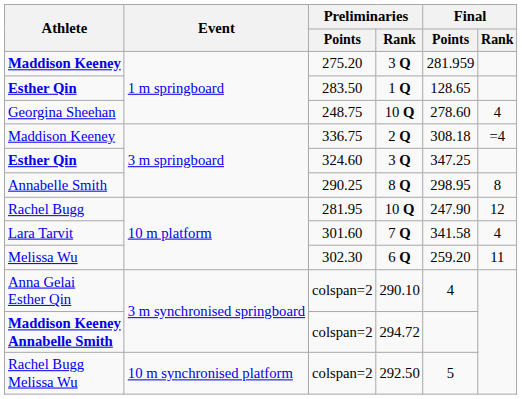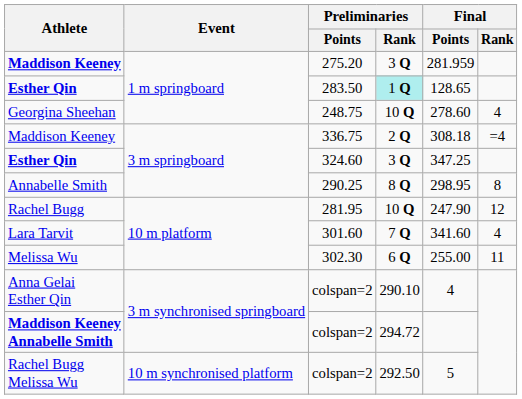 <table class="wikitable" style="font-size:90%;">
 <tr>
 <th rowspan=2>Athlete</th>
 <th rowspan=2>Event</th>
 <th colspan=2>Preliminaries</th>
 <th colspan=2>Final</th>
 </tr>
 <tr style="font-size:95%">
 <th>Points</th>
 <th>Rank</th>
 <th>Points</th>
 <th>Rank</th>
 </tr>
 <tr align=center>
 <td align=left><strong><a href='#'>Maddison Keeney</a></strong></td>
 <td align=left rowspan=3><a href='#'>1 m springboard</a></td>
 <td>275.20</td>
 <td>3 <strong>Q</strong></td>
 <td>281.959</td>
 <td></td>
 </tr>
 <tr align=center>
 <td align=left><strong><a href='#'>Esther Qin</a></strong></td>
 <td>283.50</td>
-<td>1 <strong>Q</strong></td>
+<td style="background: paleturquoise;">1 <strong>Q</strong></td>
 <td>128.65</td>
 <td></td>
 </tr>
 <tr align=center>
 <td align=left><a href='#'>Georgina Sheehan</a></td>
 <td>248.75</td>
 <td>10 <strong>Q</strong></td>
 <td>278.60</td>
 <td>4</td>
 </tr>
 <tr align=center>
 <td align=left><a href='#'>Maddison Keeney</a></td>
 <td align=left rowspan=3><a href='#'>3 m springboard</a></td>
 <td>336.75</td>
 <td>2 <strong>Q</strong></td>
 <td>308.18</td>
 <td>=4</td>
 </tr>
 <tr align=center>
 <td align=left><strong><a href='#'>Esther Qin</a></strong></td>
 <td>324.60</td>
 <td>3 <strong>Q</strong></td>
 <td>347.25</td>
 <td></td>
 </tr>
 <tr align=center>
 <td align=left><a href='#'>Annabelle Smith</a></td>
 <td>290.25</td>
 <td>8 <strong>Q</strong></td>
 <td>298.95</td>
 <td>8</td>
 </tr>
 <tr align=center>
 <td align=left><a href='#'>Rachel Bugg</a></td>
 <td align=left rowspan=3><a href='#'>10 m platform</a></td>
 <td>281.95</td>
 <td>10 <strong>Q</strong></td>
 <td>247.90</td>
 <td>12</td>
 </tr>
 <tr align=center>
 <td align=left><a href='#'>Lara Tarvit</a></td>
 <td>301.60</td>
 <td>7 <strong>Q</strong></td>
-<td>341.58</td>
+<td>341.60</td>
 <td>4</td>
 </tr>
 <tr align=center>
 <td align=left><a href='#'>Melissa Wu</a></td>
 <td>302.30</td>
 <td>6 <strong>Q</strong></td>
-<td>259.20</td>
+<td>255.00</td>
 <td>11</td>
 </tr>
 <tr align=center>
 <td align=left><a href='#'>Anna Gelai</a><br><a href='#'>Esther Qin</a></td>
 <td align=left rowspan=2><a href='#'>3 m synchronised springboard</a></td>
 <td>colspan=2 </td>
 <td>290.10</td>
 <td>4</td>
 </tr>
 <tr align=center>
 <td align=left><strong><a href='#'>Maddison Keeney</a><br><a href='#'>Annabelle Smith</a></strong></td>
 <td>colspan=2 </td>
 <td>294.72</td>
 <td></td>
 </tr>
 <tr align=center>
 <td align=left><a href='#'>Rachel Bugg</a><br><a href='#'>Melissa Wu</a></td>
 <td align=left><a href='#'>10 m synchronised platform</a></td>
 <td>colspan=2 </td>
 <td>292.50</td>
 <td>5</td>
 </tr>
 </table>
